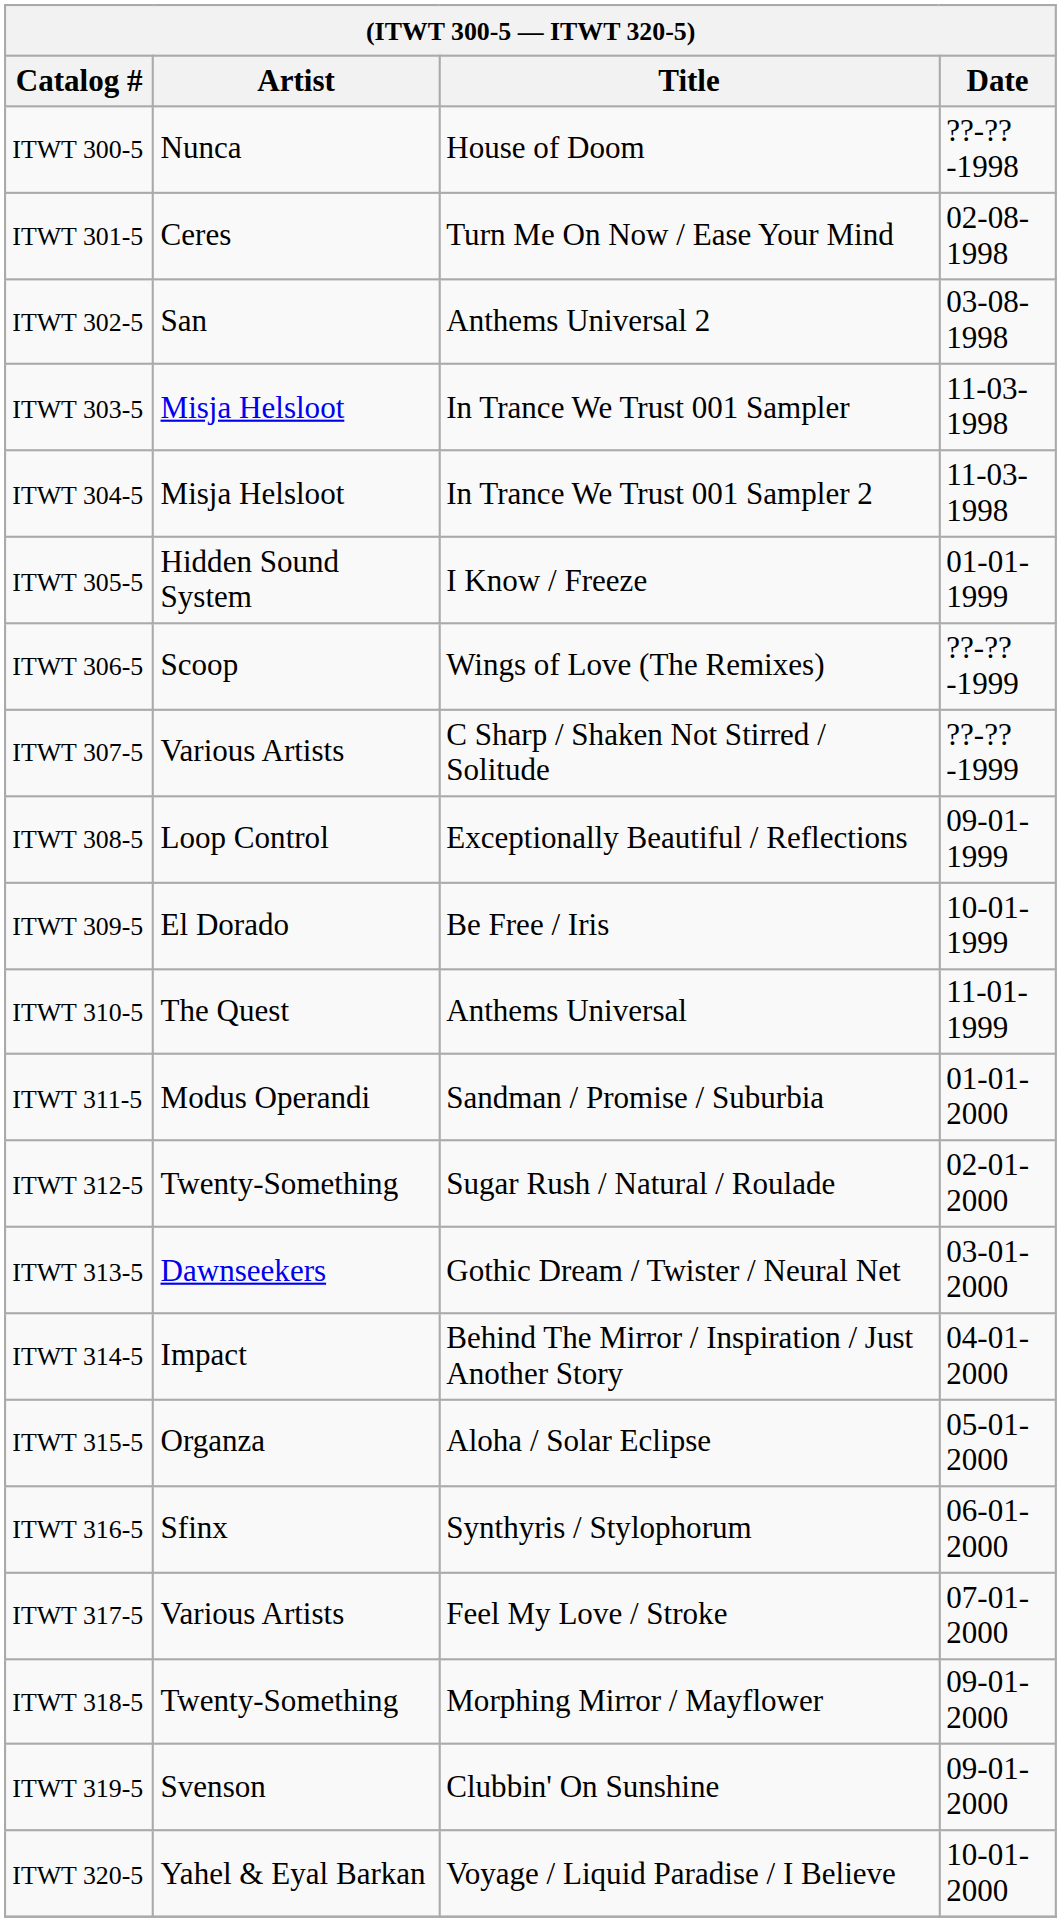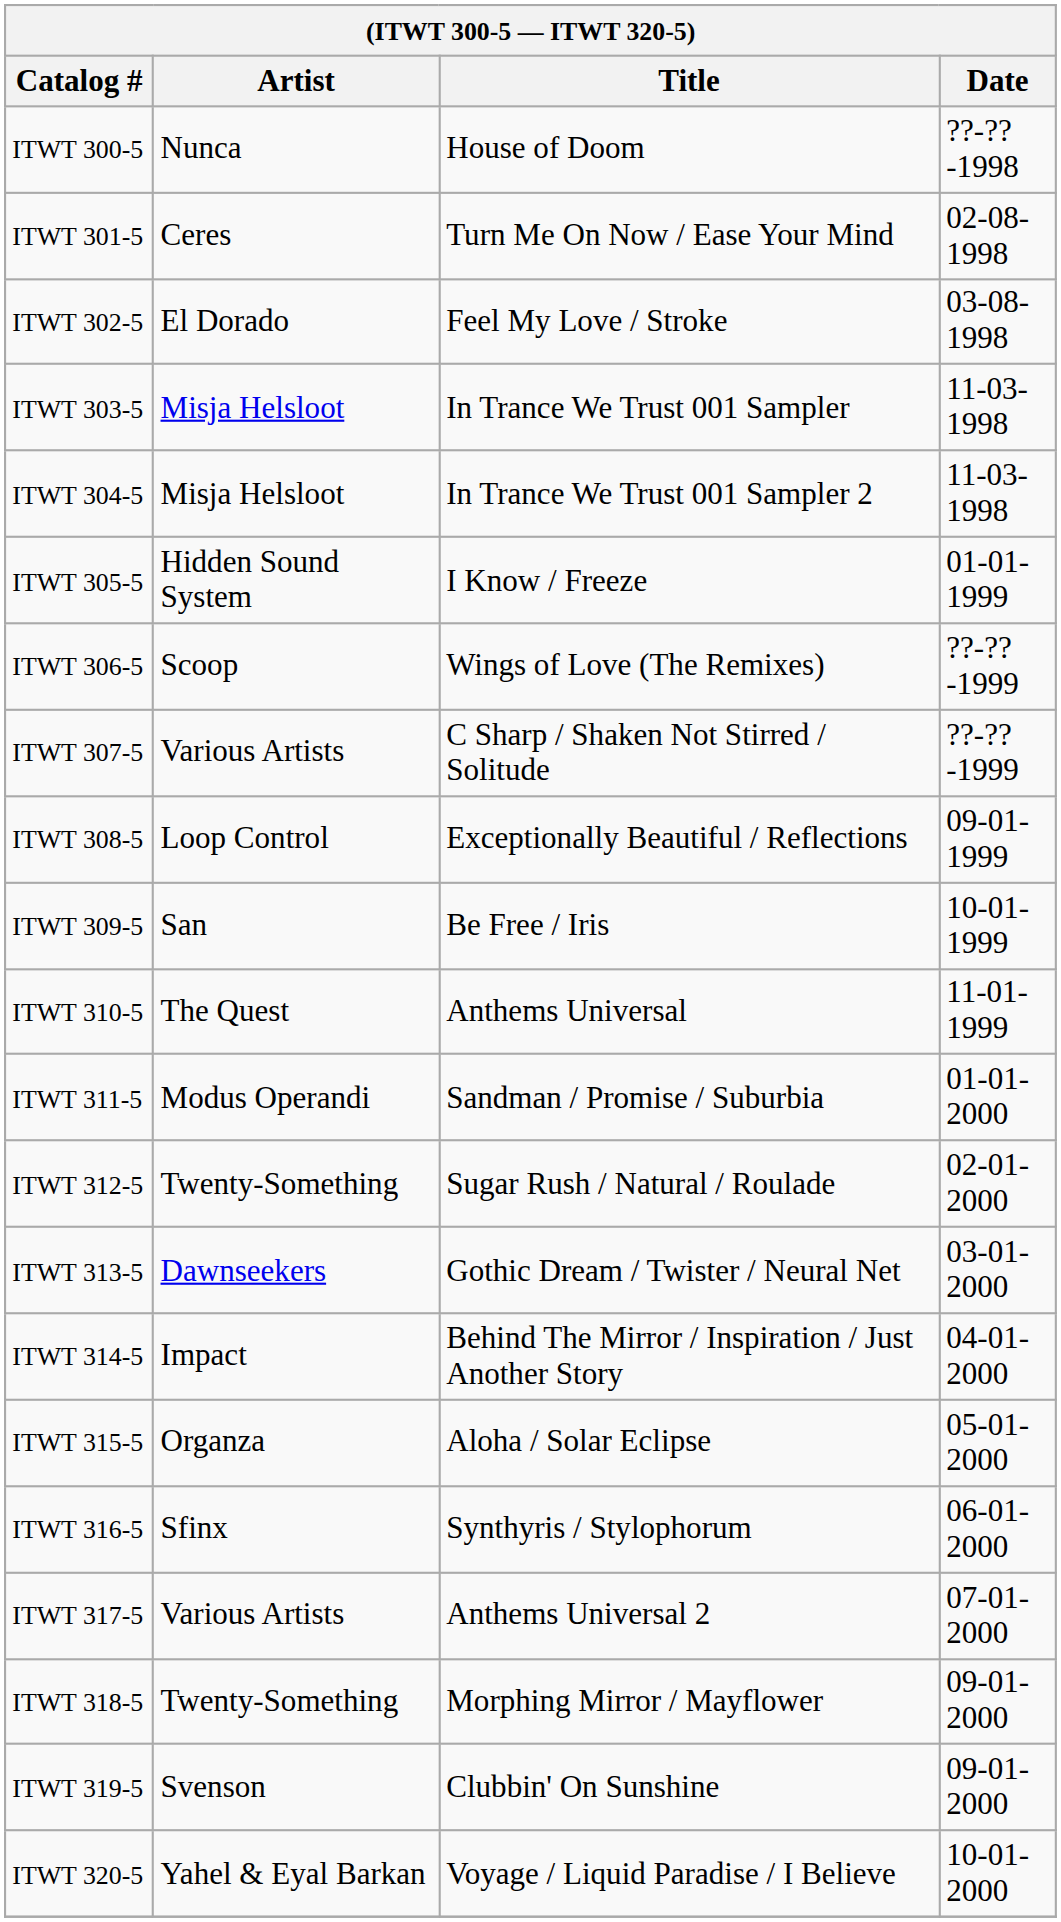 <table width="80%" class="wikitable collapsible collapsed" style="font-size:92%;position:relative;">
 <tr>
 <th colspan="5"><small>(ITWT 300-5 — ITWT 320-5)</small></th>
 </tr>
 <tr>
 <th width="8%">Catalog #</th>
 <th width="20%">Artist</th>
 <th width="35%">Title</th>
 <th width="8%">Date</th>
 </tr>
 <tr>
 <td><small>ITWT 300-5</small></td>
 <td>Nunca</td>
 <td>House of Doom</td>
 <td>??-??-1998</td>
 </tr>
 <tr>
 <td><small>ITWT 301-5</small></td>
 <td>Ceres</td>
 <td>Turn Me On Now / Ease Your Mind</td>
 <td>02-08-1998</td>
 </tr>
 <tr>
 <td><small>ITWT 302-5</small></td>
-<td>San</td>
-<td>Anthems Universal 2</td>
+<td>El Dorado</td>
+<td>Feel My Love / Stroke</td>
 <td>03-08-1998</td>
 </tr>
 <tr>
 <td><small>ITWT 303-5</small></td>
 <td><a href='#'>Misja Helsloot</a></td>
 <td>In Trance We Trust 001 Sampler</td>
 <td>11-03-1998</td>
 </tr>
 <tr>
 <td><small>ITWT 304-5</small></td>
 <td>Misja Helsloot</td>
 <td>In Trance We Trust 001 Sampler 2</td>
 <td>11-03-1998</td>
 </tr>
 <tr>
 <td><small>ITWT 305-5</small></td>
 <td>Hidden Sound System</td>
 <td>I Know / Freeze</td>
 <td>01-01-1999</td>
 </tr>
 <tr>
 <td><small>ITWT 306-5</small></td>
 <td>Scoop</td>
 <td>Wings of Love (The Remixes)</td>
 <td>??-??-1999</td>
 </tr>
 <tr>
 <td><small>ITWT 307-5</small></td>
 <td>Various Artists</td>
 <td>C Sharp / Shaken Not Stirred / Solitude</td>
 <td>??-??-1999</td>
 </tr>
 <tr>
 <td><small>ITWT 308-5</small></td>
 <td>Loop Control</td>
 <td>Exceptionally Beautiful / Reflections</td>
 <td>09-01-1999</td>
 </tr>
 <tr>
 <td><small>ITWT 309-5</small></td>
-<td>El Dorado</td>
+<td>San</td>
 <td>Be Free / Iris</td>
 <td>10-01-1999</td>
 </tr>
 <tr>
 <td><small>ITWT 310-5</small></td>
 <td>The Quest</td>
 <td>Anthems Universal</td>
 <td>11-01-1999</td>
 </tr>
 <tr>
 <td><small>ITWT 311-5</small></td>
 <td>Modus Operandi</td>
 <td>Sandman / Promise / Suburbia</td>
 <td>01-01-2000</td>
 </tr>
 <tr>
 <td><small>ITWT 312-5</small></td>
 <td>Twenty-Something</td>
 <td>Sugar Rush / Natural / Roulade</td>
 <td>02-01-2000</td>
 </tr>
 <tr>
 <td><small>ITWT 313-5</small></td>
 <td><a href='#'>Dawnseekers</a></td>
 <td>Gothic Dream / Twister / Neural Net</td>
 <td>03-01-2000</td>
 </tr>
 <tr>
 <td><small>ITWT 314-5</small></td>
 <td>Impact</td>
 <td>Behind The Mirror / Inspiration / Just Another Story</td>
 <td>04-01-2000</td>
 </tr>
 <tr>
 <td><small>ITWT 315-5</small></td>
 <td>Organza</td>
 <td>Aloha / Solar Eclipse</td>
 <td>05-01-2000</td>
 </tr>
 <tr>
 <td><small>ITWT 316-5</small></td>
 <td>Sfinx</td>
 <td>Synthyris / Stylophorum</td>
 <td>06-01-2000</td>
 </tr>
 <tr>
 <td><small>ITWT 317-5</small></td>
 <td>Various Artists</td>
-<td>Feel My Love / Stroke</td>
+<td>Anthems Universal 2</td>
 <td>07-01-2000</td>
 </tr>
 <tr>
 <td><small>ITWT 318-5</small></td>
 <td>Twenty-Something</td>
 <td>Morphing Mirror / Mayflower</td>
 <td>09-01-2000</td>
 </tr>
 <tr>
 <td><small>ITWT 319-5</small></td>
 <td>Svenson</td>
 <td>Clubbin' On Sunshine</td>
 <td>09-01-2000</td>
 </tr>
 <tr>
 <td><small>ITWT 320-5</small></td>
 <td>Yahel & Eyal Barkan</td>
 <td>Voyage / Liquid Paradise / I Believe</td>
 <td>10-01-2000</td>
 </tr>
 <tr>
 </tr>
 </table>
